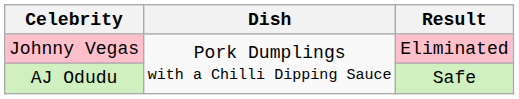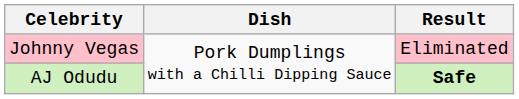 <table class="wikitable" style="text-align:center;">
 <tr>
 <th>Celebrity</th>
 <th>Dish</th>
 <th>Result</th>
 </tr>
 <tr>
 <td style="background:pink;">Johnny Vegas</td>
 <td rowspan="2">Pork Dumplings<br><small>with a Chilli Dipping Sauce</small></td>
 <td style="background:pink;">Eliminated</td>
 </tr>
 <tr>
 <td style="background:#d0f0c0;">AJ Odudu</td>
-<td style="background:#d0f0c0;">Safe</td>
+<td style="background:#d0f0c0;"><strong>Safe</strong></td>
 </tr>
 </table>
